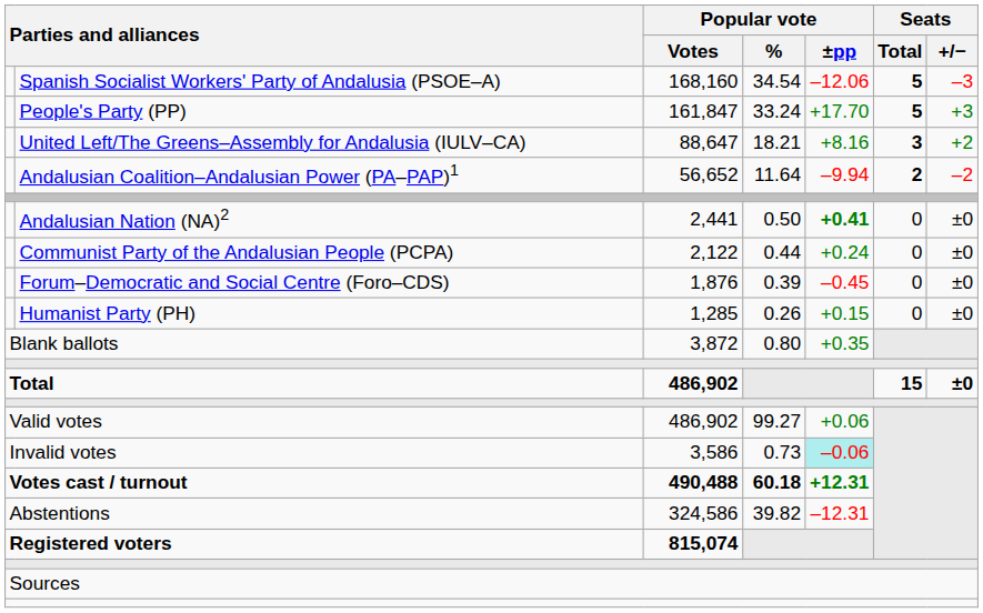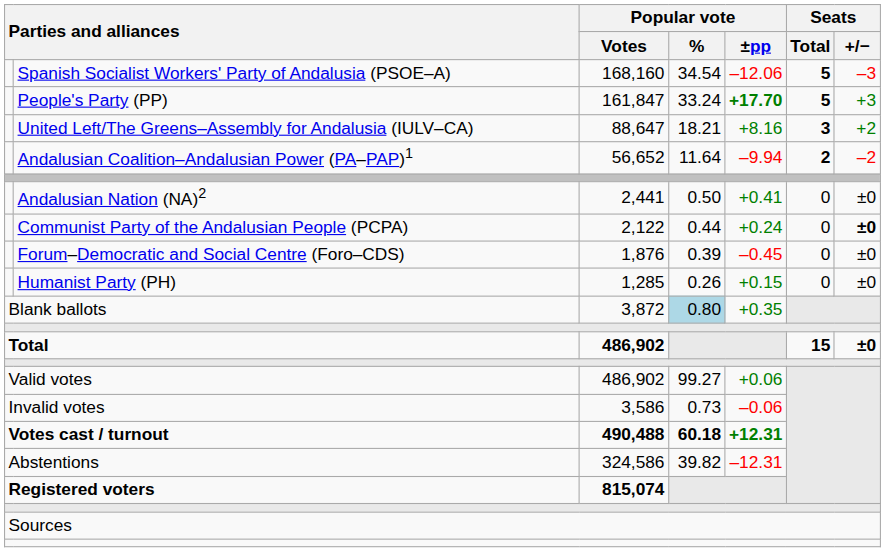 <table class="wikitable" style="text-align:right;">
 <tr>
 <th style="text-align:left;" rowspan="2" colspan="2" width="525">Parties and alliances</th>
 <th colspan="3">Popular vote</th>
 <th colspan="2">Seats</th>
 </tr>
 <tr>
 <th width="75">Votes</th>
 <th width="45">%</th>
 <th width="45">±<a href='#'>pp</a></th>
 <th width="35">Total</th>
 <th width="35">+/−</th>
 </tr>
 <tr>
 <td width="1" style="color:inherit;background:"></td>
 <td align="left"><a href='#'>Spanish Socialist Workers' Party of Andalusia</a> (PSOE–A)</td>
 <td>168,160</td>
 <td>34.54</td>
 <td style="color:red;">–12.06</td>
 <td><strong>5</strong></td>
 <td style="color:red;">–3</td>
 </tr>
 <tr>
 <td style="color:inherit;background:"></td>
 <td align="left"><a href='#'>People's Party</a> (PP)</td>
 <td>161,847</td>
 <td>33.24</td>
-<td style="color:green;">+17.70</td>
+<td style="color:green;"><strong>+17.70</strong></td>
 <td><strong>5</strong></td>
 <td style="color:green;">+3</td>
 </tr>
 <tr>
 <td style="color:inherit;background:"></td>
 <td align="left"><a href='#'>United Left/The Greens–Assembly for Andalusia</a> (IULV–CA)</td>
 <td>88,647</td>
 <td>18.21</td>
 <td style="color:green;">+8.16</td>
 <td><strong>3</strong></td>
 <td style="color:green;">+2</td>
 </tr>
 <tr>
 <td style="color:inherit;background:"></td>
 <td align="left"><a href='#'>Andalusian Coalition–Andalusian Power</a> (<a href='#'>PA</a>–<a href='#'>PAP</a>)<sup>1</sup></td>
 <td>56,652</td>
 <td>11.64</td>
 <td style="color:red;">–9.94</td>
 <td><strong>2</strong></td>
 <td style="color:red;">–2</td>
 </tr>
 <tr>
 <td colspan="7" bgcolor="#C0C0C0"></td>
 </tr>
 <tr>
 <td style="color:inherit;background:"></td>
 <td align="left"><a href='#'>Andalusian Nation</a> (NA)<sup>2</sup></td>
 <td>2,441</td>
 <td>0.50</td>
-<td style="color:green;"><strong>+0.41</strong></td>
+<td style="color:green;">+0.41</td>
 <td>0</td>
 <td>±0</td>
 </tr>
 <tr>
 <td style="color:inherit;background:"></td>
 <td align="left"><a href='#'>Communist Party of the Andalusian People</a> (PCPA)</td>
 <td>2,122</td>
 <td>0.44</td>
 <td style="color:green;">+0.24</td>
 <td>0</td>
-<td>±0</td>
+<td><strong>±0</strong></td>
 </tr>
 <tr>
 <td style="color:inherit;background:"></td>
 <td align="left"><a href='#'>Forum</a>–<a href='#'>Democratic and Social Centre</a> (Foro–CDS)</td>
 <td>1,876</td>
 <td>0.39</td>
 <td style="color:red;">–0.45</td>
 <td>0</td>
 <td>±0</td>
 </tr>
 <tr>
 <td style="color:inherit;background:"></td>
 <td align="left"><a href='#'>Humanist Party</a> (PH)</td>
 <td>1,285</td>
 <td>0.26</td>
 <td style="color:green;">+0.15</td>
 <td>0</td>
 <td>±0</td>
 </tr>
 <tr>
 <td align="left" colspan="2">Blank ballots</td>
 <td>3,872</td>
-<td>0.80</td>
+<td style="background: lightblue;">0.80</td>
 <td style="color:green;">+0.35</td>
 <td bgcolor="#E9E9E9" colspan="2"></td>
 </tr>
 <tr>
 <td colspan="7" bgcolor="#E9E9E9"></td>
 </tr>
 <tr style="font-weight:bold;">
 <td align="left" colspan="2">Total</td>
 <td>486,902</td>
 <td bgcolor="#E9E9E9" colspan="2"></td>
 <td>15</td>
 <td>±0</td>
 </tr>
 <tr>
 <td colspan="7" bgcolor="#E9E9E9"></td>
 </tr>
 <tr>
 <td align="left" colspan="2">Valid votes</td>
 <td>486,902</td>
 <td>99.27</td>
 <td style="color:green;">+0.06</td>
 <td bgcolor="#E9E9E9" colspan="2" rowspan="5"></td>
 </tr>
 <tr>
 <td align="left" colspan="2">Invalid votes</td>
 <td>3,586</td>
 <td>0.73</td>
-<td style="background: paleturquoise; color:red;">–0.06</td>
+<td style="color:red;">–0.06</td>
 </tr>
 <tr style="font-weight:bold;">
 <td align="left" colspan="2">Votes cast / turnout</td>
 <td>490,488</td>
 <td>60.18</td>
 <td style="color:green;">+12.31</td>
 </tr>
 <tr>
 <td align="left" colspan="2">Abstentions</td>
 <td>324,586</td>
 <td>39.82</td>
 <td style="color:red;">–12.31</td>
 </tr>
 <tr style="font-weight:bold;">
 <td align="left" colspan="2">Registered voters</td>
 <td>815,074</td>
 <td bgcolor="#E9E9E9" colspan="2"></td>
 </tr>
 <tr>
 <td colspan="7" bgcolor="#E9E9E9"></td>
 </tr>
 <tr>
 <td align="left" colspan="7">Sources</td>
 </tr>
 <tr>
 <td colspan="7" style="text-align:left; max-width:790px;"></td>
 </tr>
 </table>
